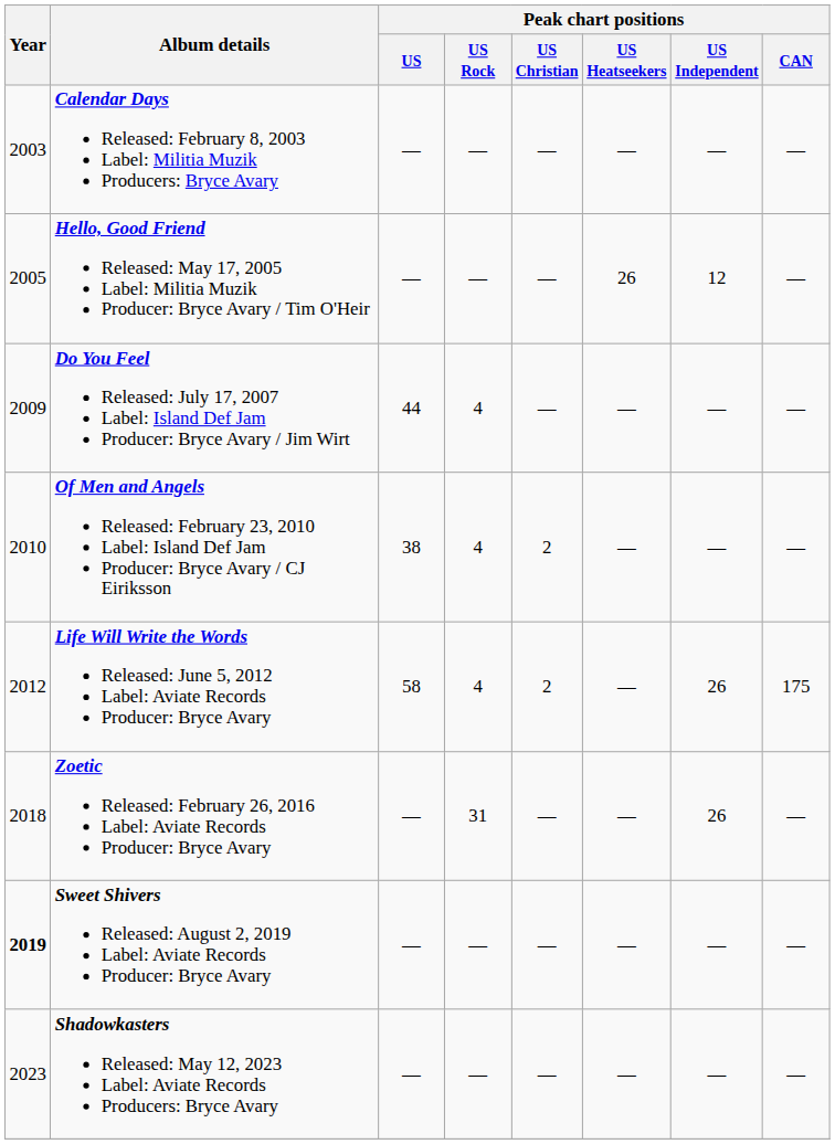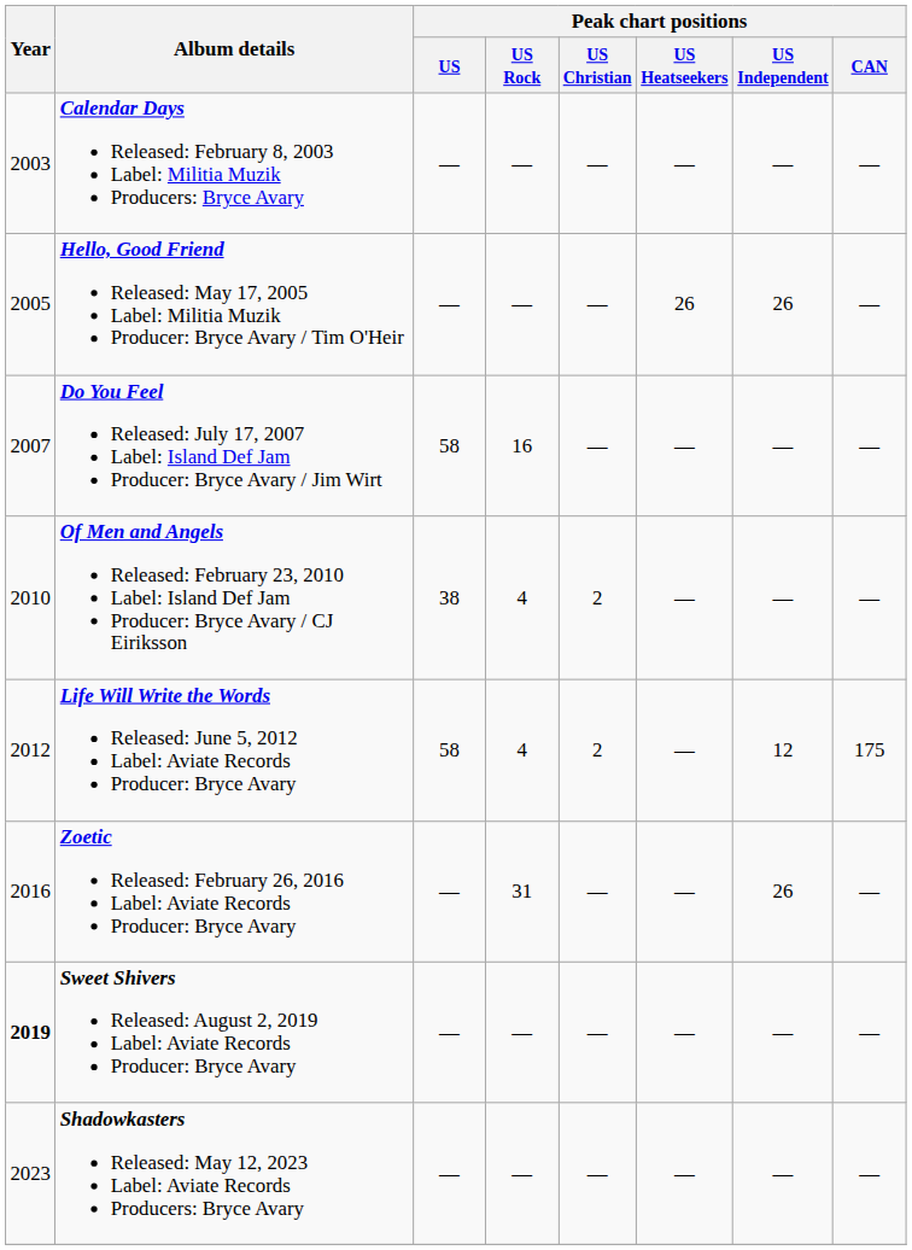 <table class="wikitable">
 <tr>
 <th rowspan="2">Year</th>
 <th width="275px" rowspan="2">Album details</th>
 <th colspan="6">Peak chart positions</th>
 </tr>
 <tr>
 <th width="50px"><small><a href='#'>US</a><br></small></th>
 <th width="50px"><small><a href='#'>US<br>Rock</a></small></th>
 <th width="50px"><small><a href='#'>US<br>Christian</a></small></th>
 <th width="50px"><small><a href='#'>US<br>Heatseekers</a></small></th>
 <th width="50px"><small><a href='#'>US<br>Independent</a></small></th>
 <th width="50px"><small><a href='#'>CAN</a></small></th>
 </tr>
 <tr>
 <td>2003</td>
 <td><strong><em><a href='#'>Calendar Days</a></em></strong><br><ul><li>Released: February 8, 2003</li><li>Label: <a href='#'>Militia Muzik</a></li><li>Producers:  <a href='#'>Bryce Avary</a></li></ul></td>
 <td align="center">—</td>
 <td align="center">—</td>
 <td align="center">—</td>
 <td align="center">—</td>
 <td align="center">—</td>
 <td align="center">—</td>
 </tr>
 <tr>
 <td>2005</td>
 <td><strong><em><a href='#'>Hello, Good Friend</a></em></strong><br><ul><li>Released: May 17, 2005</li><li>Label: Militia Muzik</li><li>Producer: Bryce Avary / Tim O'Heir</li></ul></td>
 <td align="center">—</td>
 <td align="center">—</td>
 <td align="center">—</td>
 <td align="center">26</td>
-<td align="center">12</td>
+<td align="center">26</td>
 <td align="center">—</td>
 </tr>
 <tr>
-<td>2009</td>
+<td>2007</td>
 <td><strong><em><a href='#'>Do You Feel</a></em></strong><br><ul><li>Released: July 17, 2007</li><li>Label: <a href='#'>Island Def Jam</a></li><li>Producer: Bryce Avary / Jim Wirt</li></ul></td>
-<td align="center">44</td>
-<td align="center">4</td>
+<td align="center">58</td>
+<td align="center">16</td>
 <td align="center">—</td>
 <td align="center">—</td>
 <td align="center">—</td>
 <td align="center">—</td>
 </tr>
 <tr>
 <td>2010</td>
 <td><strong><em><a href='#'>Of Men and Angels</a></em></strong><br><ul><li>Released: February 23, 2010</li><li>Label: Island Def Jam</li><li>Producer: Bryce Avary / CJ Eiriksson</li></ul></td>
 <td align="center">38</td>
 <td align="center">4</td>
 <td align="center">2</td>
 <td align="center">—</td>
 <td align="center">—</td>
 <td align="center">—</td>
 </tr>
 <tr>
 <td>2012</td>
 <td><strong><em><a href='#'>Life Will Write the Words</a></em></strong><br><ul><li>Released: June 5, 2012</li><li>Label: Aviate Records</li><li>Producer: Bryce Avary</li></ul></td>
 <td align="center">58</td>
 <td align="center">4</td>
 <td align="center">2</td>
 <td align="center">—</td>
-<td align="center">26</td>
+<td align="center">12</td>
 <td align="center">175</td>
 </tr>
 <tr>
-<td>2018</td>
+<td>2016</td>
 <td><strong><em><a href='#'>Zoetic</a></em></strong><br><ul><li>Released: February 26, 2016</li><li>Label: Aviate Records</li><li>Producer: Bryce Avary</li></ul></td>
 <td align="center">—</td>
 <td align="center">31</td>
 <td align="center">—</td>
 <td align="center">—</td>
 <td align="center">26</td>
 <td align="center">—</td>
 </tr>
 <tr>
 <td><strong>2019</strong></td>
 <td><strong><em>Sweet Shivers</em></strong><br><ul><li>Released: August 2, 2019</li><li>Label: Aviate Records</li><li>Producer: Bryce Avary</li></ul></td>
 <td align="center">—</td>
 <td align="center">—</td>
 <td align="center">—</td>
 <td align="center">—</td>
 <td align="center">—</td>
 <td align="center">—</td>
 </tr>
 <tr>
 <td>2023</td>
 <td><strong><em>Shadowkasters</em></strong><br><ul><li>Released: May 12, 2023</li><li>Label: Aviate Records</li><li>Producers:  Bryce Avary</li></ul></td>
 <td align="center">—</td>
 <td align="center">—</td>
 <td align="center">—</td>
 <td align="center">—</td>
 <td align="center">—</td>
 <td align="center">—</td>
 </tr>
 <tr>
 </tr>
 </table>
